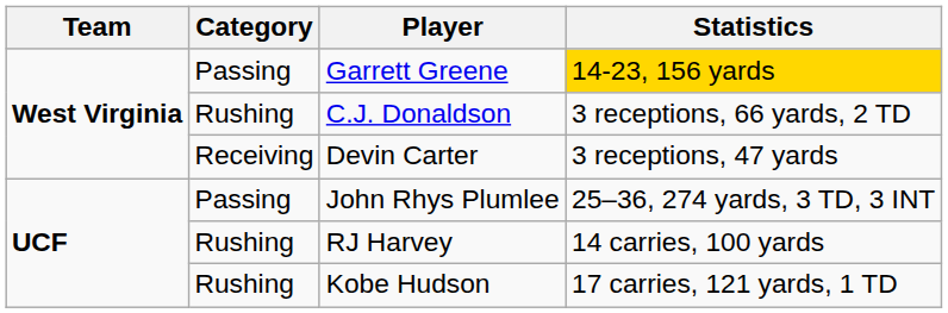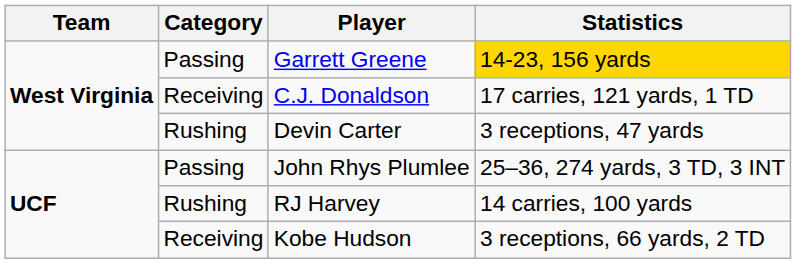 <table class="wikitable" style="float: right;">
 <tr>
 <th>Team</th>
 <th>Category</th>
 <th>Player</th>
 <th>Statistics</th>
 </tr>
 <tr>
 <td rowspan=3><strong>West Virginia</strong></td>
 <td>Passing</td>
 <td><a href='#'>Garrett Greene</a></td>
 <td style="background: gold;">14-23, 156 yards</td>
 </tr>
 <tr>
-<td>Rushing</td>
+<td>Receiving</td>
 <td><a href='#'>C.J. Donaldson</a></td>
-<td>3 receptions, 66 yards, 2 TD</td>
+<td>17 carries, 121 yards, 1 TD</td>
 </tr>
 <tr>
-<td>Receiving</td>
+<td>Rushing</td>
 <td>Devin Carter</td>
 <td>3 receptions, 47 yards</td>
 </tr>
 <tr>
 <td rowspan=3><strong>UCF</strong></td>
 <td>Passing</td>
 <td>John Rhys Plumlee</td>
 <td>25–36, 274 yards, 3 TD, 3 INT</td>
 </tr>
 <tr>
 <td>Rushing</td>
 <td>RJ Harvey</td>
 <td>14 carries, 100 yards</td>
 </tr>
 <tr>
-<td>Rushing</td>
+<td>Receiving</td>
 <td>Kobe Hudson</td>
-<td>17 carries, 121 yards, 1 TD</td>
+<td>3 receptions, 66 yards, 2 TD</td>
 </tr>
 </table>
